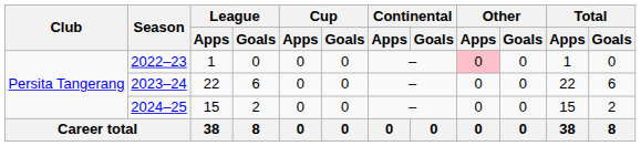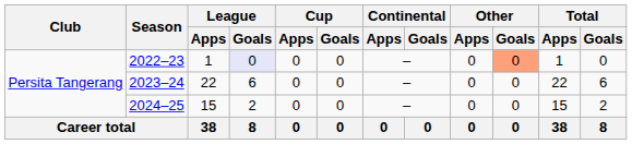 <table class="wikitable" style="text-align: center">
 <tr>
 <th rowspan="2">Club</th>
 <th rowspan="2">Season</th>
 <th colspan="2">League</th>
 <th colspan="2">Cup</th>
 <th colspan="2">Continental</th>
 <th colspan="2">Other</th>
 <th colspan="3">Total</th>
 </tr>
 <tr>
 <th>Apps</th>
 <th>Goals</th>
 <th>Apps</th>
 <th>Goals</th>
 <th>Apps</th>
 <th>Goals</th>
 <th>Apps</th>
 <th>Goals</th>
 <th>Apps</th>
 <th>Goals</th>
 </tr>
 <tr>
 <td rowspan="3"><a href='#'>Persita Tangerang</a></td>
 <td><a href='#'>2022–23</a></td>
 <td>1</td>
-<td>0</td>
+<td style="background: lavender;">0</td>
 <td>0</td>
 <td>0</td>
 <td colspan="2">–</td>
-<td style="background: pink;">0</td>
 <td>0</td>
+<td style="background: lightsalmon;">0</td>
 <td>1</td>
 <td>0</td>
 </tr>
 <tr>
 <td><a href='#'>2023–24</a></td>
 <td>22</td>
 <td>6</td>
 <td>0</td>
 <td>0</td>
 <td colspan="2">–</td>
 <td>0</td>
 <td>0</td>
 <td>22</td>
 <td>6</td>
 </tr>
 <tr>
 <td><a href='#'>2024–25</a></td>
 <td>15</td>
 <td>2</td>
 <td>0</td>
 <td>0</td>
 <td colspan="2">–</td>
 <td>0</td>
 <td>0</td>
 <td>15</td>
 <td>2</td>
 </tr>
 <tr>
 <th colspan=2>Career total</th>
 <th>38</th>
 <th>8</th>
 <th>0</th>
 <th>0</th>
 <th>0</th>
 <th>0</th>
 <th>0</th>
 <th>0</th>
 <th>38</th>
 <th>8</th>
 </tr>
 </table>
